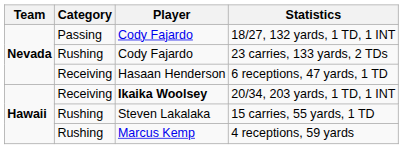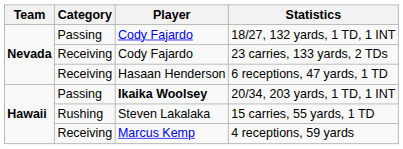 <table class="wikitable" style="float: left;">
 <tr>
 <th>Team</th>
 <th>Category</th>
 <th>Player</th>
 <th>Statistics</th>
 </tr>
 <tr>
 <td rowspan=3><strong>Nevada</strong></td>
 <td>Passing</td>
 <td><a href='#'>Cody Fajardo</a></td>
 <td>18/27, 132 yards, 1 TD, 1 INT</td>
 </tr>
 <tr>
-<td>Rushing</td>
+<td>Receiving</td>
 <td>Cody Fajardo</td>
 <td>23 carries, 133 yards, 2 TDs</td>
 </tr>
 <tr>
 <td>Receiving</td>
 <td>Hasaan Henderson</td>
 <td>6 receptions, 47 yards, 1 TD</td>
 </tr>
 <tr>
 <td rowspan=3><strong>Hawaii</strong></td>
-<td>Receiving</td>
+<td>Passing</td>
 <td><strong>Ikaika Woolsey</strong></td>
 <td>20/34, 203 yards, 1 TD, 1 INT</td>
 </tr>
 <tr>
 <td>Rushing</td>
 <td>Steven Lakalaka</td>
 <td>15 carries, 55 yards, 1 TD</td>
 </tr>
 <tr>
-<td>Rushing</td>
+<td>Receiving</td>
 <td><a href='#'>Marcus Kemp</a></td>
 <td>4 receptions, 59 yards</td>
 </tr>
 </table>
